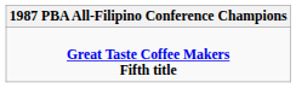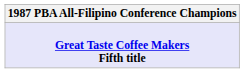 <table class=wikitable style="text-align:center; margin:auto">
 <tr>
 <th>1987 PBA All-Filipino Conference Champions</th>
 </tr>
 <tr>
-<td><br> <strong><a href='#'>Great Taste Coffee Makers</a></strong> <br> <strong>Fifth title</strong></td>
+<td style="background: lavender;"><br> <strong><a href='#'>Great Taste Coffee Makers</a></strong> <br> <strong>Fifth title</strong></td>
 </tr>
 </table>
